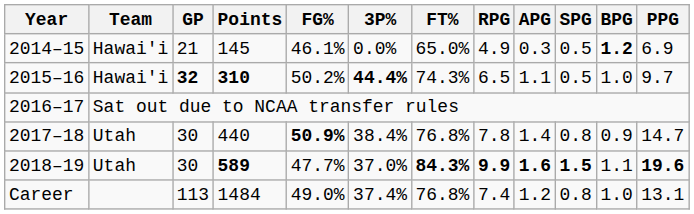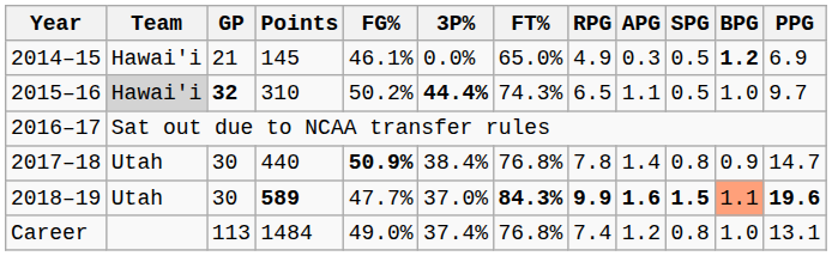 <table class="wikitable">
 <tr>
 <th>Year</th>
 <th>Team</th>
 <th>GP</th>
 <th>Points</th>
 <th>FG%</th>
 <th>3P%</th>
 <th>FT%</th>
 <th>RPG</th>
 <th>APG</th>
 <th>SPG</th>
 <th>BPG</th>
 <th>PPG</th>
 </tr>
 <tr>
 <td>2014–15</td>
 <td>Hawai'i</td>
 <td>21</td>
 <td>145</td>
 <td>46.1%</td>
 <td>0.0%</td>
 <td>65.0%</td>
 <td>4.9</td>
 <td>0.3</td>
 <td>0.5</td>
 <td><strong>1.2</strong></td>
 <td>6.9</td>
 </tr>
 <tr>
 <td>2015–16</td>
-<td>Hawai'i</td>
+<td style="background: lightgrey;">Hawai'i</td>
 <td><strong>32</strong></td>
-<td><strong>310</strong></td>
+<td>310</td>
 <td>50.2%</td>
 <td><strong>44.4%</strong></td>
 <td>74.3%</td>
 <td>6.5</td>
 <td>1.1</td>
 <td>0.5</td>
 <td>1.0</td>
 <td>9.7</td>
 </tr>
 <tr>
 <td>2016–17</td>
 <td colspan="11">Sat out due to NCAA transfer rules</td>
 </tr>
 <tr>
 <td>2017–18</td>
 <td>Utah</td>
 <td>30</td>
 <td>440</td>
 <td><strong>50.9%</strong></td>
 <td>38.4%</td>
 <td>76.8%</td>
 <td>7.8</td>
 <td>1.4</td>
 <td>0.8</td>
 <td>0.9</td>
 <td>14.7</td>
 </tr>
 <tr>
 <td>2018–19</td>
 <td>Utah</td>
 <td>30</td>
 <td><strong>589</strong></td>
 <td>47.7%</td>
 <td>37.0%</td>
 <td><strong>84.3%</strong></td>
 <td><strong>9.9</strong></td>
 <td><strong>1.6</strong></td>
 <td><strong>1.5</strong></td>
-<td>1.1</td>
+<td style="background: lightsalmon;">1.1</td>
 <td><strong>19.6</strong></td>
 </tr>
 <tr>
 <td>Career</td>
 <td></td>
 <td>113</td>
 <td>1484</td>
 <td>49.0%</td>
 <td>37.4%</td>
 <td>76.8%</td>
 <td>7.4</td>
 <td>1.2</td>
 <td>0.8</td>
 <td>1.0</td>
 <td>13.1</td>
 </tr>
 </table>
